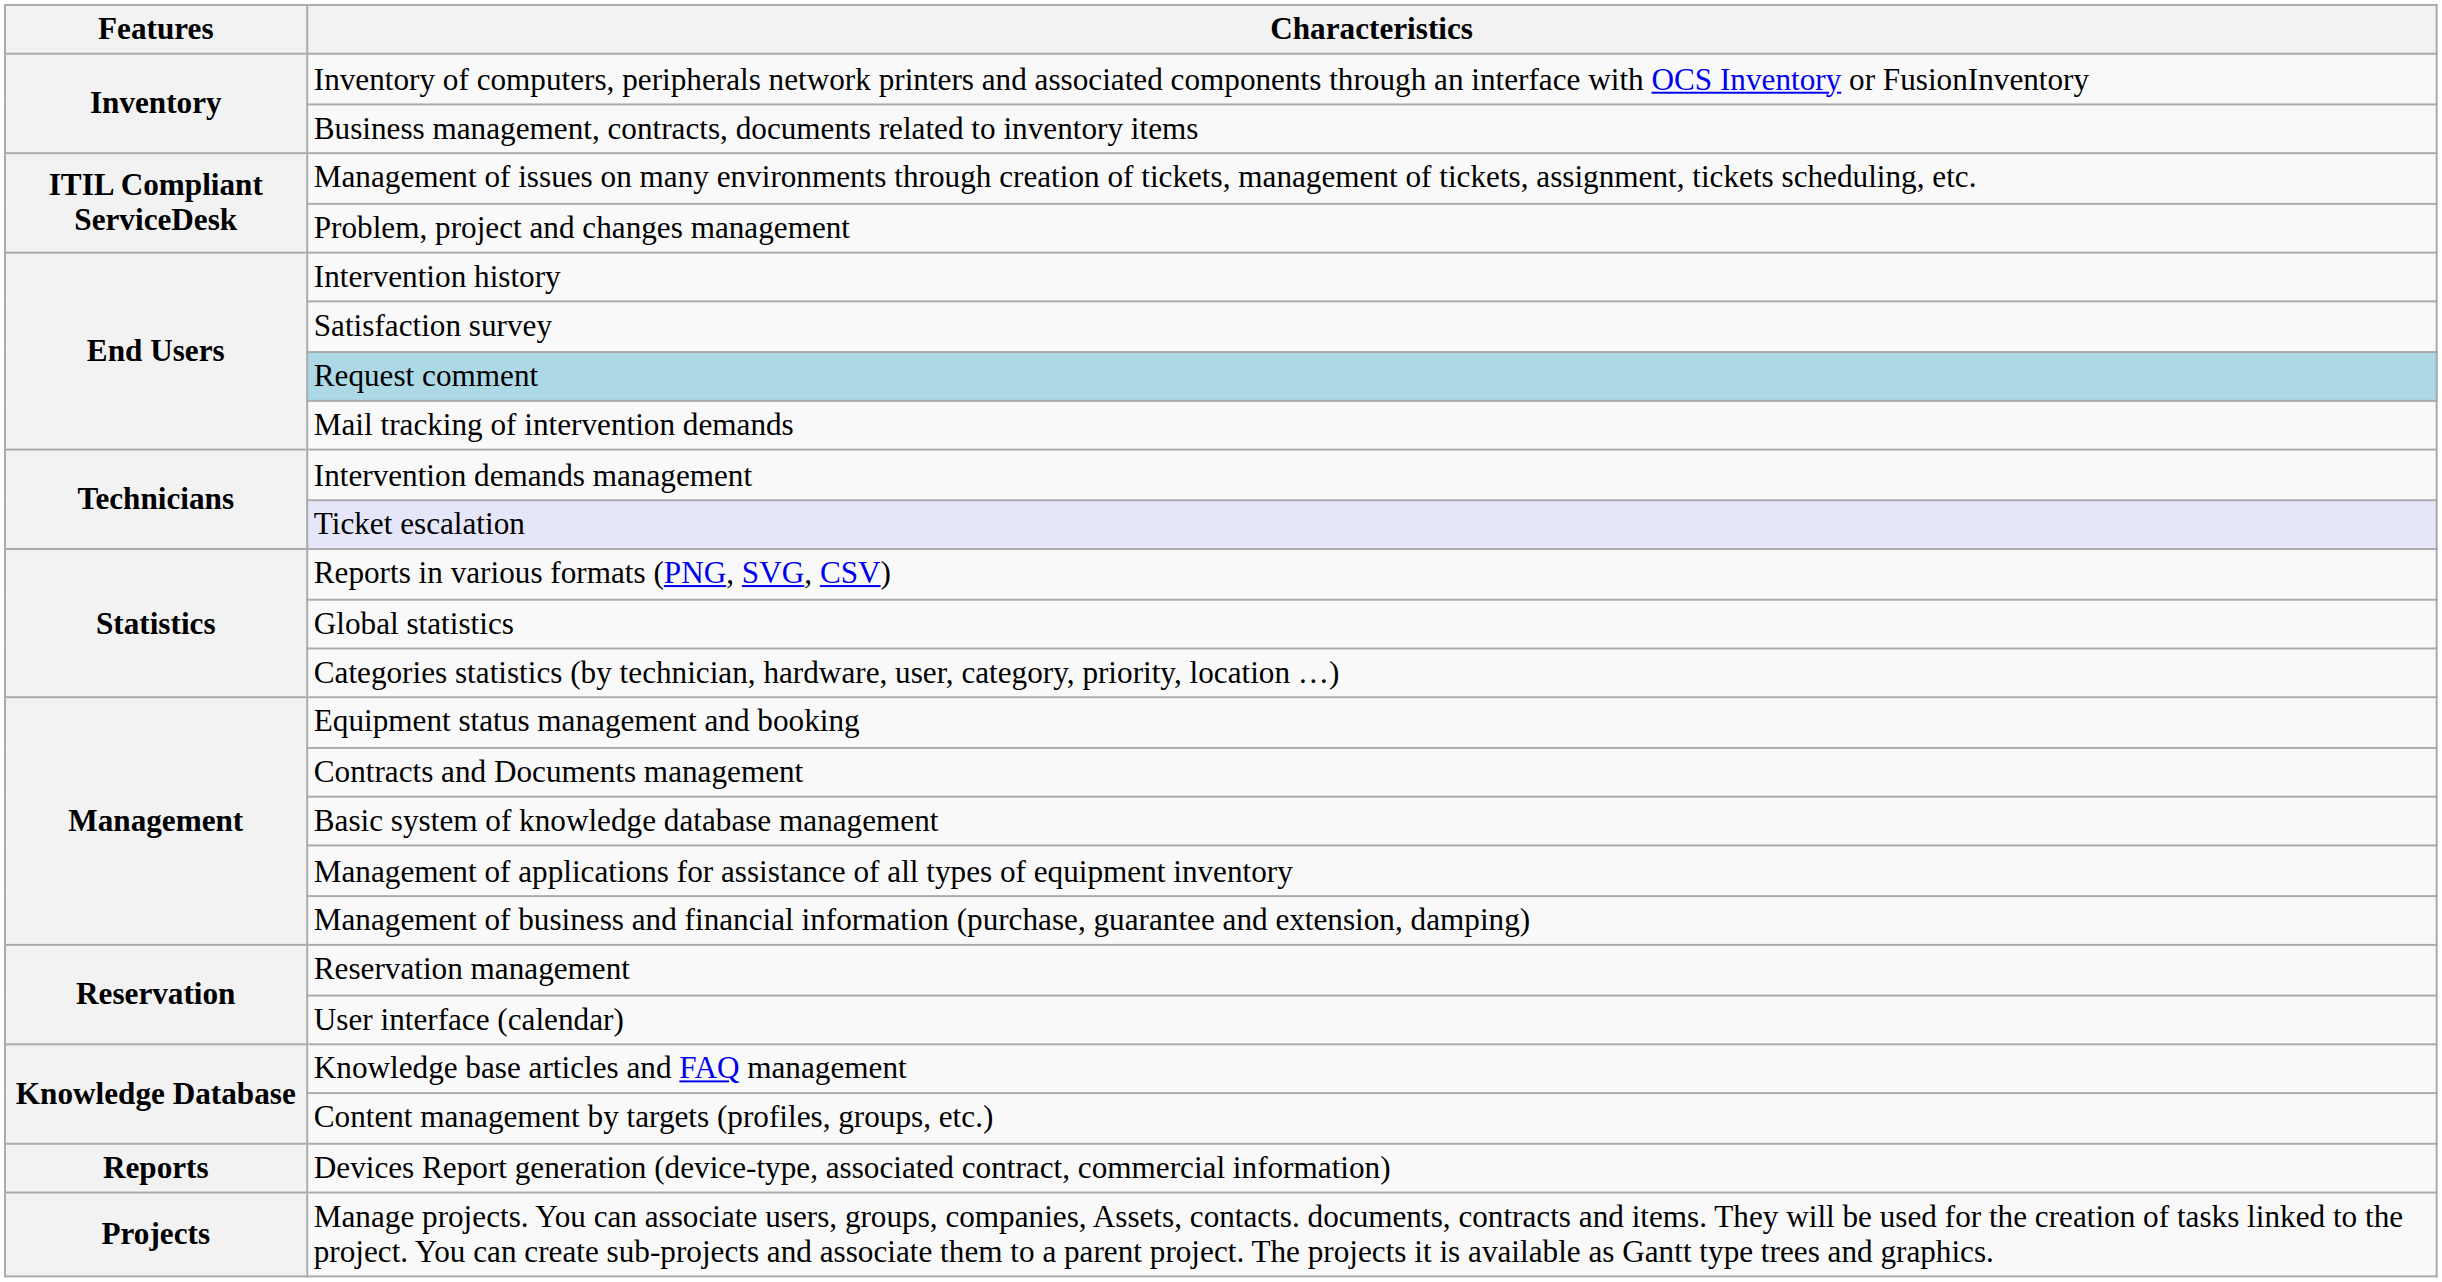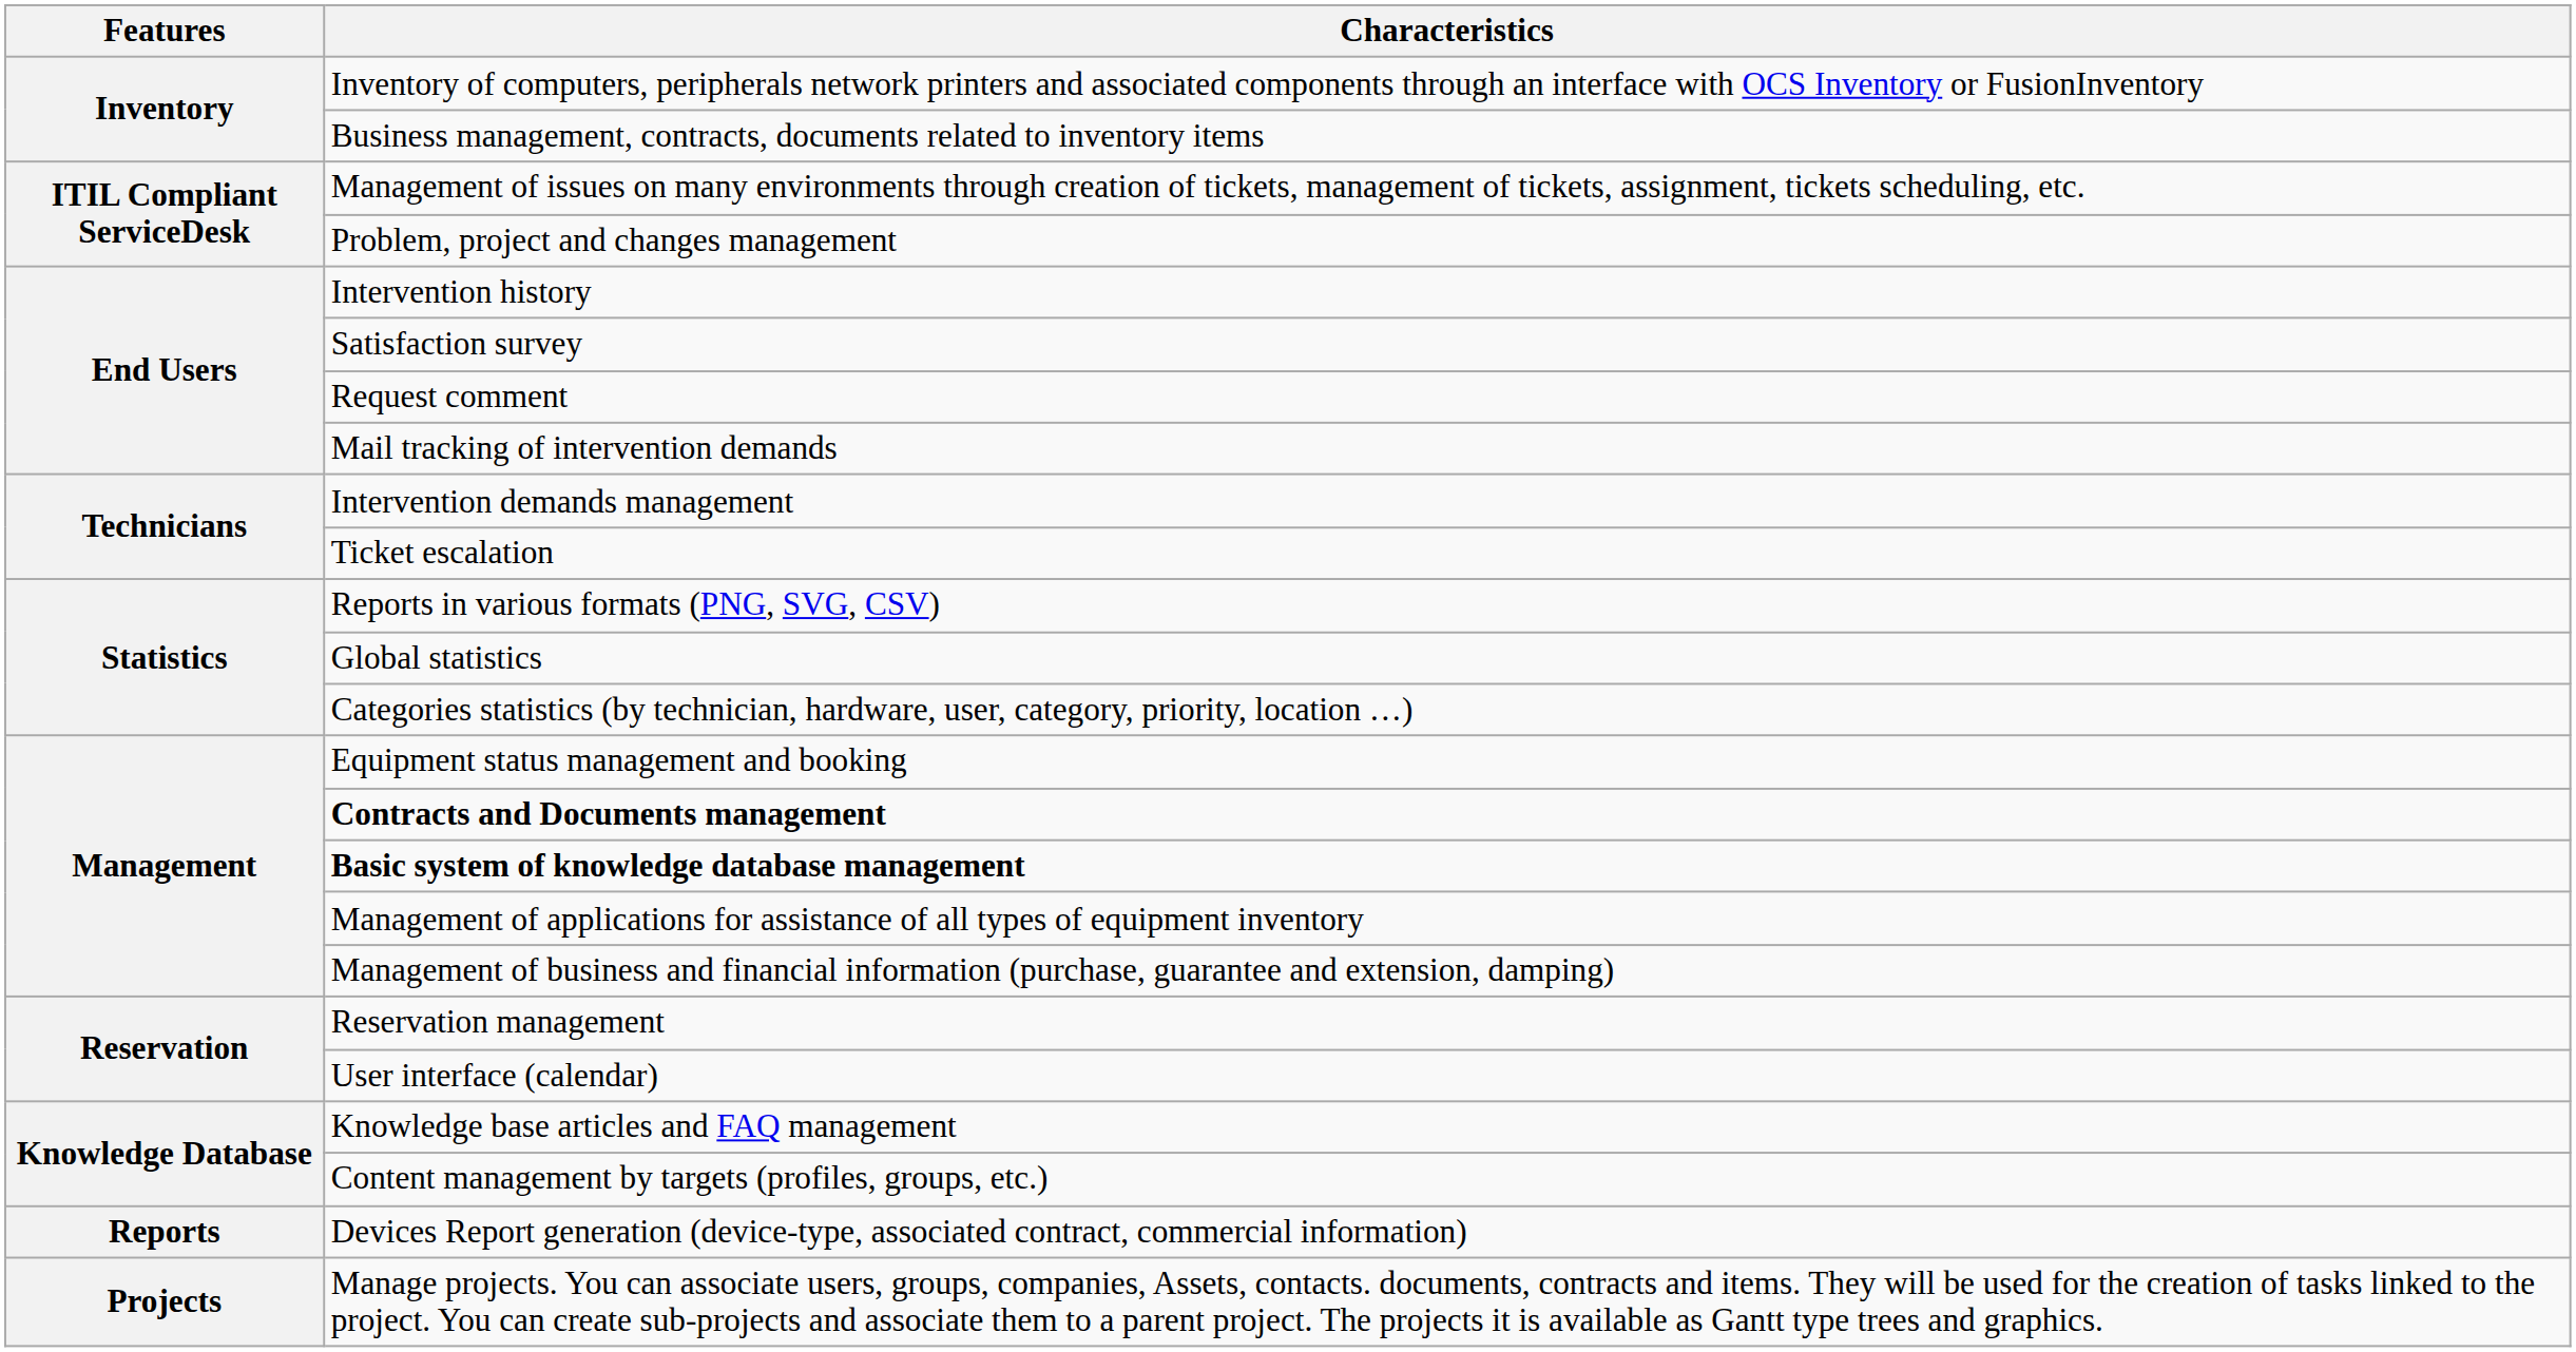 <table class="wikitable">
 <tr>
 <th>Features</th>
 <th>Characteristics</th>
 </tr>
 <tr>
 <th rowspan="2">Inventory</th>
 <td>Inventory of computers, peripherals network printers and associated components through an interface with <a href='#'>OCS Inventory</a> or FusionInventory </td>
 </tr>
 <tr>
 <td>Business management, contracts, documents related to inventory items</td>
 </tr>
 <tr>
 <th rowspan="2">ITIL Compliant ServiceDesk</th>
 <td>Management of issues on many environments through creation of tickets, management of tickets, assignment, tickets scheduling, etc.</td>
 </tr>
 <tr>
 <td>Problem, project and changes management</td>
 </tr>
 <tr>
 <th rowspan="4">End Users</th>
 <td>Intervention history</td>
 </tr>
 <tr>
 <td>Satisfaction survey</td>
 </tr>
 <tr>
-<td style="background: lightblue;">Request comment</td>
+<td>Request comment</td>
 </tr>
 <tr>
 <td>Mail tracking of intervention demands </td>
 </tr>
 <tr>
 <th rowspan="2">Technicians</th>
 <td>Intervention demands management</td>
 </tr>
 <tr>
-<td style="background: lavender;">Ticket escalation</td>
+<td>Ticket escalation</td>
 </tr>
 <tr>
 <th rowspan="3">Statistics</th>
 <td>Reports in various formats (<a href='#'>PNG</a>, <a href='#'>SVG</a>, <a href='#'>CSV</a>)</td>
 </tr>
 <tr>
 <td>Global statistics</td>
 </tr>
 <tr>
 <td>Categories statistics (by technician, hardware, user, category, priority, location …)</td>
 </tr>
 <tr>
 <th rowspan="5">Management</th>
 <td>Equipment status management and booking</td>
 </tr>
 <tr>
-<td>Contracts and Documents management</td>
+<td><strong>Contracts and Documents management</strong></td>
 </tr>
 <tr>
-<td>Basic system of knowledge database management</td>
+<td><strong>Basic system of knowledge database management</strong></td>
 </tr>
 <tr>
 <td>Management of applications for assistance of all types of equipment inventory</td>
 </tr>
 <tr>
 <td>Management of business and financial information (purchase, guarantee and extension, damping)</td>
 </tr>
 <tr>
 <th rowspan="2">Reservation</th>
 <td>Reservation management</td>
 </tr>
 <tr>
 <td>User interface (calendar)</td>
 </tr>
 <tr>
 <th rowspan="2">Knowledge Database</th>
 <td>Knowledge base articles and <a href='#'>FAQ</a> management</td>
 </tr>
 <tr>
 <td>Content management by targets (profiles, groups, etc.)</td>
 </tr>
 <tr>
 <th>Reports</th>
 <td>Devices Report generation (device-type, associated contract, commercial information)</td>
 </tr>
 <tr>
 <th>Projects</th>
 <td>Manage projects. You can associate users, groups, companies, Assets, contacts. documents, contracts and items. They will be used for the creation of tasks linked to the project.  You can create sub-projects and associate them to a parent project. The projects it is available as Gantt type trees and graphics.</td>
 </tr>
 </table>
